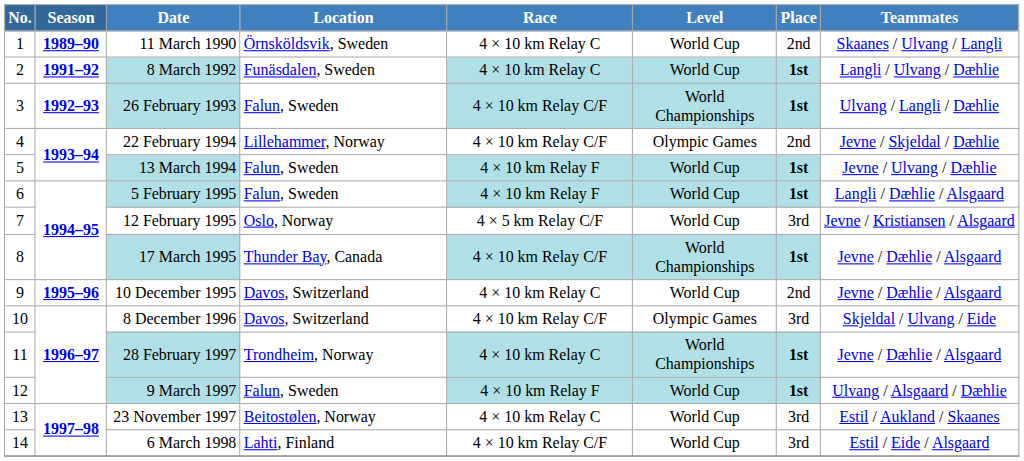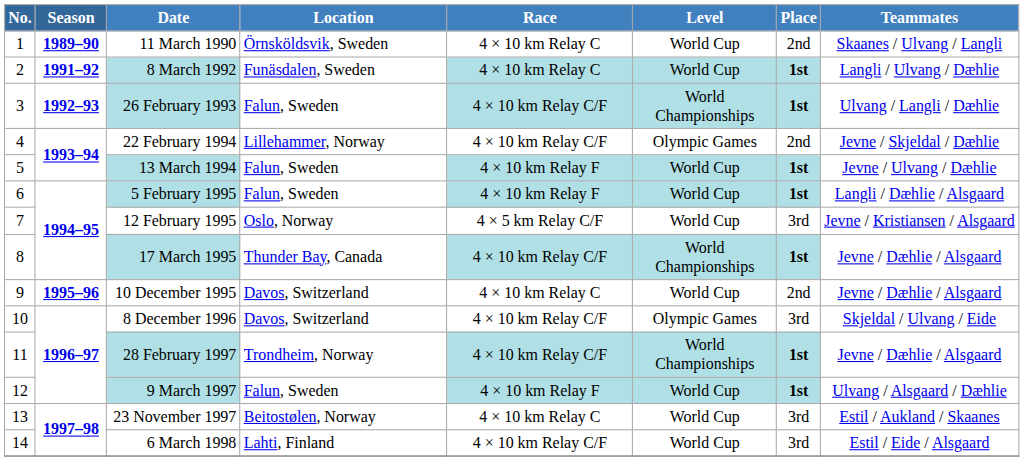 <table class="wikitable sortable" style="font-size:95%; text-align:center; border:grey solid 1px; border-collapse:collapse; background:#ffffff;">
 <tr style="background:#efefef;">
 <th style="background-color:#369; color:white;">No.</th>
 <th style="background-color:#369; color:white;">Season</th>
 <th style="background-color:#4180be; color:white; width:120px;">Date</th>
 <th style="background-color:#4180be; color:white; width:190px;">Location</th>
 <th style="background-color:#4180be; color:white; width:170px;">Race</th>
 <th style="background-color:#4180be; color:white; width:130px;">Level</th>
 <th style="background-color:#4180be; color:white;">Place</th>
 <th style="background-color:#4180be; color:white;">Teammates</th>
 </tr>
 <tr>
 <td align=center>1</td>
 <td rowspan=1 align=center><strong> <a href='#'>1989–90</a> </strong></td>
 <td align=right>11 March 1990</td>
 <td align=left> <a href='#'>Örnsköldsvik</a>, Sweden</td>
 <td>4 × 10 km Relay C</td>
 <td>World Cup</td>
 <td>2nd</td>
 <td><a href='#'>Skaanes</a> / <a href='#'>Ulvang</a> / <a href='#'>Langli</a></td>
 </tr>
 <tr>
 <td align=center>2</td>
 <td rowspan=1 align=center><strong><a href='#'>1991–92</a></strong></td>
 <td bgcolor="#BOEOE6" align=right>8 March 1992</td>
 <td align=left> <a href='#'>Funäsdalen</a>, Sweden</td>
 <td bgcolor="#BOEOE6">4 × 10 km Relay C</td>
 <td bgcolor="#BOEOE6">World Cup</td>
 <td bgcolor="#BOEOE6"><strong>1st</strong></td>
 <td><a href='#'>Langli</a> / <a href='#'>Ulvang</a> / <a href='#'>Dæhlie</a></td>
 </tr>
 <tr>
 <td align=center>3</td>
 <td rowspan=1 align=center><strong><a href='#'>1992–93</a></strong></td>
 <td bgcolor="#BOEOE6" align=right>26 February 1993</td>
 <td align=left> <a href='#'>Falun</a>, Sweden</td>
 <td bgcolor="#BOEOE6">4 × 10 km Relay C/F</td>
 <td bgcolor="#BOEOE6">World Championships</td>
 <td bgcolor="#BOEOE6"><strong>1st</strong></td>
 <td><a href='#'>Ulvang</a> / <a href='#'>Langli</a> / <a href='#'>Dæhlie</a></td>
 </tr>
 <tr>
 <td align=center>4</td>
 <td rowspan=2 align=center><strong> <a href='#'>1993–94</a> </strong></td>
 <td align=right>22 February 1994</td>
 <td align=left> <a href='#'>Lillehammer</a>, Norway</td>
 <td>4 × 10 km Relay C/F</td>
 <td>Olympic Games</td>
 <td>2nd</td>
 <td><a href='#'>Jevne</a> / <a href='#'>Skjeldal</a> / <a href='#'>Dæhlie</a></td>
 </tr>
 <tr>
 <td align=center>5</td>
 <td bgcolor="#BOEOE6" align=right>13 March 1994</td>
 <td align=left> <a href='#'>Falun</a>, Sweden</td>
 <td bgcolor="#BOEOE6">4 × 10 km Relay F</td>
 <td bgcolor="#BOEOE6">World Cup</td>
 <td bgcolor="#BOEOE6"><strong>1st</strong></td>
 <td><a href='#'>Jevne</a> / <a href='#'>Ulvang</a> / <a href='#'>Dæhlie</a></td>
 </tr>
 <tr>
 <td align=center>6</td>
 <td rowspan=3 align=center><strong><a href='#'>1994–95</a></strong></td>
 <td bgcolor="#BOEOE6" align=right>5 February 1995</td>
 <td align=left> <a href='#'>Falun</a>, Sweden</td>
 <td bgcolor="#BOEOE6">4 × 10 km Relay F</td>
 <td bgcolor="#BOEOE6">World Cup</td>
 <td bgcolor="#BOEOE6"><strong>1st</strong></td>
 <td><a href='#'>Langli</a> / <a href='#'>Dæhlie</a> / <a href='#'>Alsgaard</a></td>
 </tr>
 <tr>
 <td align=center>7</td>
 <td align=right>12 February 1995</td>
 <td align=left> <a href='#'>Oslo</a>, Norway</td>
 <td>4 × 5 km Relay C/F</td>
 <td>World Cup</td>
 <td>3rd</td>
 <td><a href='#'>Jevne</a> / <a href='#'>Kristiansen</a> / <a href='#'>Alsgaard</a></td>
 </tr>
 <tr>
 <td align=center>8</td>
 <td bgcolor="#BOEOE6" align=right>17 March 1995</td>
 <td align=left> <a href='#'>Thunder Bay</a>, Canada</td>
 <td bgcolor="#BOEOE6">4 × 10 km Relay C/F</td>
 <td bgcolor="#BOEOE6">World Championships</td>
 <td bgcolor="#BOEOE6"><strong>1st</strong></td>
 <td><a href='#'>Jevne</a> / <a href='#'>Dæhlie</a> / <a href='#'>Alsgaard</a></td>
 </tr>
 <tr>
 <td align=center>9</td>
 <td rowspan=1 align=center><strong> <a href='#'>1995–96</a> </strong></td>
 <td align=right>10 December 1995</td>
 <td align=left> <a href='#'>Davos</a>, Switzerland</td>
 <td>4 × 10 km Relay C</td>
 <td>World Cup</td>
 <td>2nd</td>
 <td><a href='#'>Jevne</a> / <a href='#'>Dæhlie</a> / <a href='#'>Alsgaard</a></td>
 </tr>
 <tr>
 <td align=center>10</td>
 <td rowspan=3 align=center><strong> <a href='#'>1996–97</a> </strong></td>
 <td align=right>8 December 1996</td>
 <td align=left> <a href='#'>Davos</a>, Switzerland</td>
 <td>4 × 10 km Relay C/F</td>
 <td>Olympic Games</td>
 <td>3rd</td>
 <td><a href='#'>Skjeldal</a> / <a href='#'>Ulvang</a> / <a href='#'>Eide</a></td>
 </tr>
 <tr>
 <td align=center>11</td>
 <td bgcolor="#BOEOE6" align=right>28 February 1997</td>
 <td align=left> <a href='#'>Trondheim</a>, Norway</td>
-<td bgcolor="#BOEOE6">4 × 10 km Relay C</td>
+<td bgcolor="#BOEOE6">4 × 10 km Relay C/F</td>
 <td bgcolor="#BOEOE6">World Championships</td>
 <td bgcolor="#BOEOE6"><strong>1st</strong></td>
 <td><a href='#'>Jevne</a> / <a href='#'>Dæhlie</a> / <a href='#'>Alsgaard</a></td>
 </tr>
 <tr>
 <td align=center>12</td>
 <td bgcolor="#BOEOE6" align=right>9 March 1997</td>
 <td align=left> <a href='#'>Falun</a>, Sweden</td>
 <td bgcolor="#BOEOE6">4 × 10 km Relay F</td>
 <td bgcolor="#BOEOE6">World Cup</td>
 <td bgcolor="#BOEOE6"><strong>1st</strong></td>
 <td><a href='#'>Ulvang</a> / <a href='#'>Alsgaard</a> / <a href='#'>Dæhlie</a></td>
 </tr>
 <tr>
 <td align=center>13</td>
 <td rowspan=2 align=center><strong> <a href='#'>1997–98</a> </strong></td>
 <td align=right>23 November 1997</td>
 <td align=left> <a href='#'>Beitostølen</a>, Norway</td>
 <td>4 × 10 km Relay C</td>
 <td>World Cup</td>
 <td>3rd</td>
 <td><a href='#'>Estil</a> / <a href='#'>Aukland</a> / <a href='#'>Skaanes</a></td>
 </tr>
 <tr>
 <td align=center>14</td>
 <td align=right>6 March 1998</td>
 <td align=left> <a href='#'>Lahti</a>, Finland</td>
 <td>4 × 10 km Relay C/F</td>
 <td>World Cup</td>
 <td>3rd</td>
 <td><a href='#'>Estil</a> / <a href='#'>Eide</a> / <a href='#'>Alsgaard</a></td>
 </tr>
 <tr>
 </tr>
 </table>
